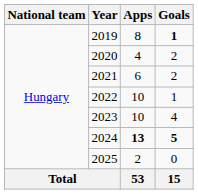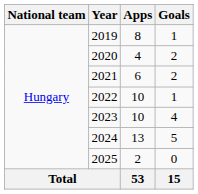 <table class="wikitable" style="text-align: center;">
 <tr>
 <th>National team</th>
 <th>Year</th>
 <th>Apps</th>
 <th>Goals</th>
 </tr>
 <tr>
 <td rowspan="7"><a href='#'>Hungary</a></td>
 <td>2019</td>
 <td>8</td>
-<td><strong>1</strong></td>
+<td>1</td>
 </tr>
 <tr>
 <td>2020</td>
 <td>4</td>
 <td>2</td>
 </tr>
 <tr>
 <td>2021</td>
 <td>6</td>
 <td>2</td>
 </tr>
 <tr>
 <td>2022</td>
 <td>10</td>
 <td>1</td>
 </tr>
 <tr>
 <td>2023</td>
 <td>10</td>
 <td>4</td>
 </tr>
 <tr>
 <td>2024</td>
-<td><strong>13</strong></td>
-<td><strong>5</strong></td>
+<td>13</td>
+<td>5</td>
 </tr>
 <tr>
 <td>2025</td>
 <td>2</td>
 <td>0</td>
 </tr>
 <tr>
 <th colspan="2">Total</th>
 <th>53</th>
 <th>15</th>
 </tr>
 </table>
